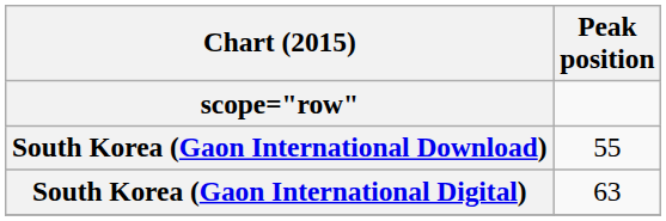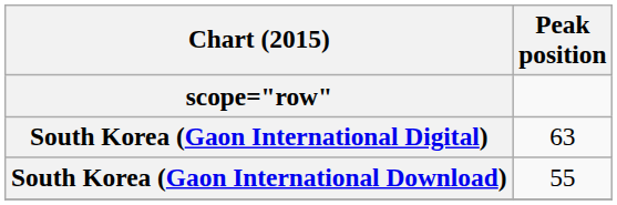 <table class="wikitable sortable plainrowheaders" style="text-align:center;">
 <tr>
 <th scope="col">Chart (2015)</th>
 <th scope="col">Peak<br>position</th>
 </tr>
 <tr>
 <th>scope="row"</th>
 </tr>
 <tr>
+<th scope="row">South Korea (<a href='#'>Gaon International Digital</a>)</th>
+<td>63</td>
+</tr>
+<tr>
 <th scope="row">South Korea (<a href='#'>Gaon International Download</a>)</th>
 <td>55</td>
 </tr>
 <tr>
-<th scope="row">South Korea (<a href='#'>Gaon International Digital</a>)</th>
-<td>63</td>
-</tr>
-<tr>
 </tr>
 </table>
